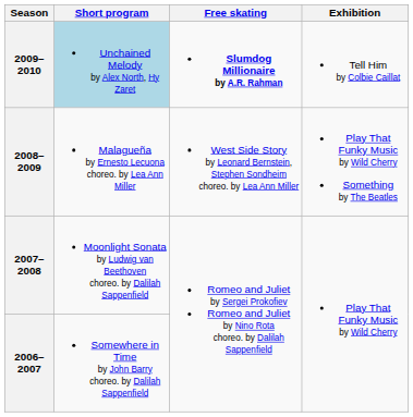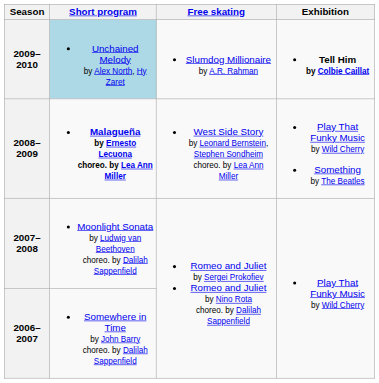 <table class="wikitable" style="text-align:center">
 <tr>
 <th>Season</th>
 <th><a href='#'>Short program</a></th>
 <th><a href='#'>Free skating</a></th>
 <th>Exhibition</th>
 </tr>
 <tr>
 <th>2009–2010 <br> </th>
 <td style="background: lightblue;"><br><ul><li><a href='#'>Unchained Melody</a> <br><small> by <a href='#'>Alex North</a>, <a href='#'>Hy Zaret</a> </small></li></ul></td>
-<td><strong><br><ul><li><a href='#'>Slumdog Millionaire</a> <br><small> by <a href='#'>A.R. Rahman</a> </small></li></ul></strong></td>
-<td><br><ul><li>Tell Him <br><small> by <a href='#'>Colbie Caillat</a> </small></li></ul></td>
+<td><br><ul><li><a href='#'>Slumdog Millionaire</a> <br><small> by <a href='#'>A.R. Rahman</a> </small></li></ul></td>
+<td><strong><br><ul><li>Tell Him <br><small> by <a href='#'>Colbie Caillat</a> </small></li></ul></strong></td>
 </tr>
 <tr>
 <th>2008–2009 <br> </th>
-<td><br><ul><li><a href='#'>Malagueña</a> <br><small>by <a href='#'>Ernesto Lecuona</a> <br> choreo. by <a href='#'>Lea Ann Miller</a> </small></li></ul></td>
+<td><strong><br><ul><li><a href='#'>Malagueña</a> <br><small>by <a href='#'>Ernesto Lecuona</a> <br> choreo. by <a href='#'>Lea Ann Miller</a> </small></li></ul></strong></td>
 <td><br><ul><li><a href='#'>West Side Story</a> <br><small> by <a href='#'>Leonard Bernstein</a>, <a href='#'>Stephen Sondheim</a> <br> choreo. by <a href='#'>Lea Ann Miller</a> </small></li></ul></td>
 <td><br><ul><li><a href='#'>Play That Funky Music</a> <br><small> by <a href='#'>Wild Cherry</a> </small></li></ul><ul><li><a href='#'>Something</a> <br><small> by <a href='#'>The Beatles</a> </small></li></ul></td>
 </tr>
 <tr>
 <th>2007–2008 <br> </th>
 <td><br><ul><li><a href='#'>Moonlight Sonata</a> <br><small> by <a href='#'>Ludwig van Beethoven</a> <br> choreo. by <a href='#'>Dalilah Sappenfield</a> </small></li></ul></td>
 <td rowspan=2><br><ul><li><a href='#'>Romeo and Juliet</a> <br><small> by <a href='#'>Sergei Prokofiev</a> </small></li><li><a href='#'>Romeo and Juliet</a> <br><small> by <a href='#'>Nino Rota</a> <br> choreo. by <a href='#'>Dalilah Sappenfield</a> </small></li></ul></td>
 <td rowspan=2><br><ul><li><a href='#'>Play That Funky Music</a> <br><small> by <a href='#'>Wild Cherry</a> </small></li></ul></td>
 </tr>
 <tr>
 <th>2006–2007 <br> </th>
 <td><br><ul><li><a href='#'>Somewhere in Time</a> <br><small> by <a href='#'>John Barry</a> <br> choreo. by <a href='#'>Dalilah Sappenfield</a> </small></li></ul></td>
 </tr>
 </table>
